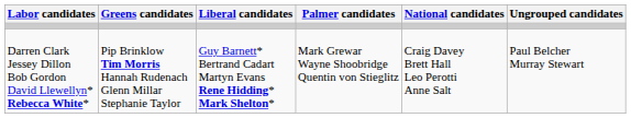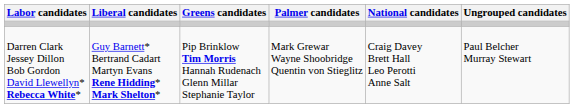 <table class="wikitable">
 <tr>
 <th><a href='#'>Labor</a> candidates</th>
+<th><a href='#'>Liberal</a> candidates</th>
 <th><a href='#'>Greens</a> candidates</th>
-<th><a href='#'>Liberal</a> candidates</th>
 <th><a href='#'>Palmer</a> candidates</th>
 <th><a href='#'>National</a> candidates</th>
 <th>Ungrouped candidates</th>
 </tr>
 <tr bgcolor="#cccccc">
 <td></td>
 <td></td>
 <td></td>
 <td></td>
 <td></td>
 <td></td>
 </tr>
 <tr>
 <td><br>Darren Clark<br> Jessey Dillon<br> Bob Gordon<br> <a href='#'>David Llewellyn</a>*<br> <strong><a href='#'>Rebecca White</a></strong>*</td>
+<td><br><a href='#'>Guy Barnett</a>*<br> Bertrand Cadart<br> Martyn Evans<br> <strong><a href='#'>Rene Hidding</a></strong>*<br> <strong><a href='#'>Mark Shelton</a></strong>*</td>
 <td valign=top><br>Pip Brinklow<br> <strong><a href='#'>Tim Morris</a></strong><br> Hannah Rudenach<br> Glenn Millar<br> Stephanie Taylor</td>
-<td><br><a href='#'>Guy Barnett</a>*<br> Bertrand Cadart<br> Martyn Evans<br> <strong><a href='#'>Rene Hidding</a></strong>*<br> <strong><a href='#'>Mark Shelton</a></strong>*</td>
 <td valign=top><br>Mark Grewar<br> Wayne Shoobridge<br> Quentin von Stieglitz</td>
 <td valign=top><br>Craig Davey<br> Brett Hall<br> Leo Perotti<br> Anne Salt</td>
 <td valign=top><br>Paul Belcher<br> Murray Stewart</td>
 </tr>
 </table>
